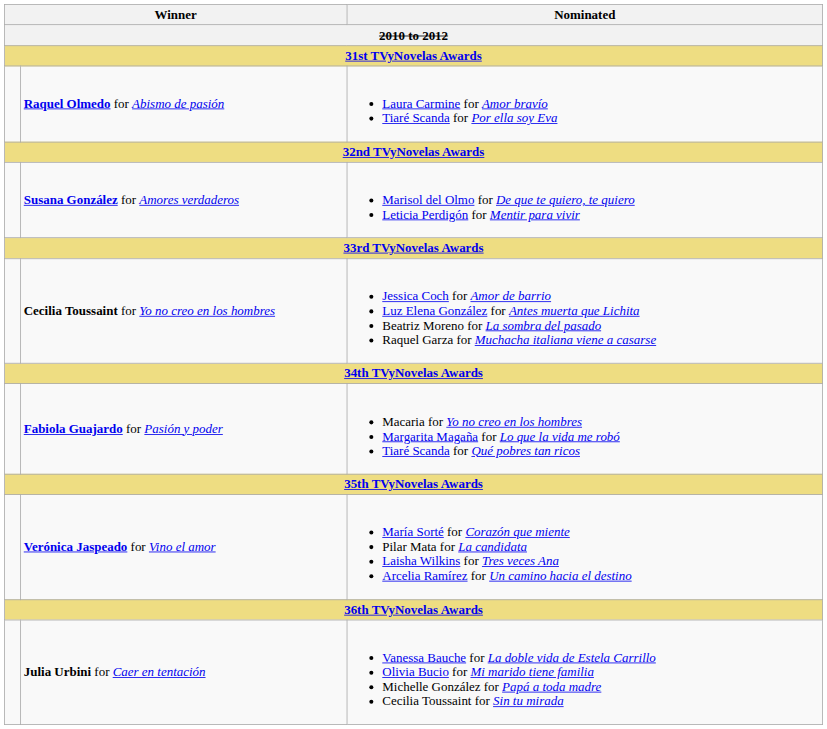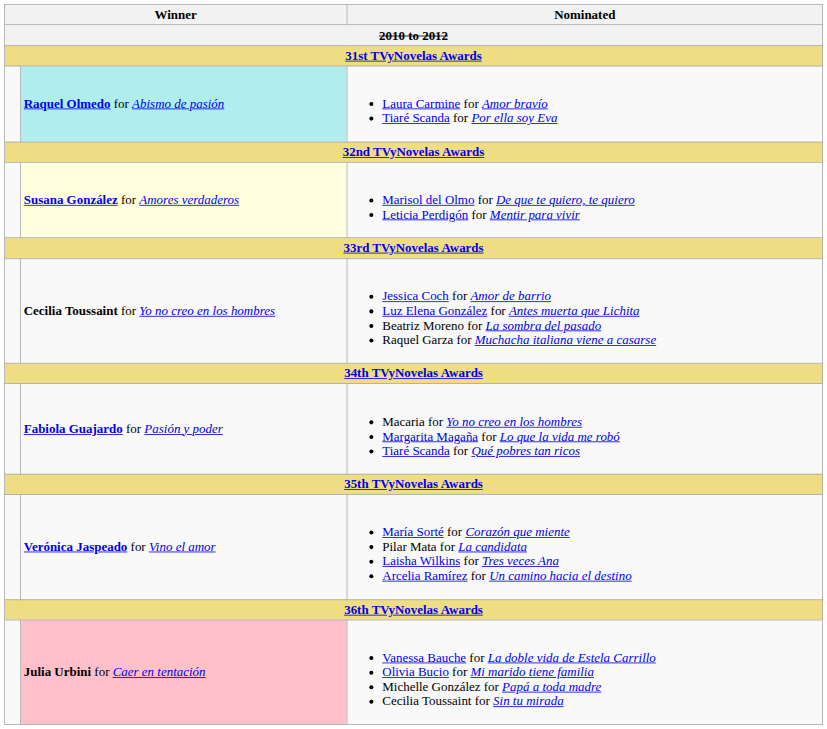 <table class="wikitable" width=80%>
 <tr align=center>
 <th width="150px;" colspan=2; align="center">Winner</th>
 <th width="580px;" align="center">Nominated</th>
 </tr>
 <tr>
 <th colspan=9 align="center"><s>2010 to 2012</s></th>
 </tr>
 <tr>
 <th colspan=9 style="background:#EEDD82;"  align="center"><strong><a href='#'>31st TVyNovelas Awards</a></strong></th>
 </tr>
 <tr>
 <td width=2%></td>
-<td><strong><a href='#'>Raquel Olmedo</a></strong> for <em><a href='#'>Abismo de pasión</a></em></td>
+<td style="background: paleturquoise;"><strong><a href='#'>Raquel Olmedo</a></strong> for <em><a href='#'>Abismo de pasión</a></em></td>
 <td><br><ul><li><a href='#'>Laura Carmine</a> for <em><a href='#'>Amor bravío</a></em></li><li><a href='#'>Tiaré Scanda</a> for <em><a href='#'>Por ella soy Eva</a></em></li></ul></td>
 </tr>
 <tr>
 <th colspan=9 style="background:#EEDD82;"  align="center"><strong><a href='#'>32nd TVyNovelas Awards</a></strong></th>
 </tr>
 <tr>
 <td width=2%></td>
-<td><strong><a href='#'>Susana González</a></strong> for <em><a href='#'>Amores verdaderos</a></em></td>
+<td style="background: lightyellow;"><strong><a href='#'>Susana González</a></strong> for <em><a href='#'>Amores verdaderos</a></em></td>
 <td><br><ul><li><a href='#'>Marisol del Olmo</a> for <em><a href='#'>De que te quiero, te quiero</a></em></li><li><a href='#'>Leticia Perdigón</a> for <em><a href='#'>Mentir para vivir</a></em></li></ul></td>
 </tr>
 <tr>
 <th colspan=9 style="background:#EEDD82;"  align="center"><strong><a href='#'>33rd TVyNovelas Awards</a></strong></th>
 </tr>
 <tr>
 <td width=2%></td>
 <td><strong>Cecilia Toussaint</strong> for <em><a href='#'>Yo no creo en los hombres</a></em></td>
 <td><br><ul><li><a href='#'>Jessica Coch</a> for <em><a href='#'>Amor de barrio</a></em></li><li><a href='#'>Luz Elena González</a> for <em><a href='#'>Antes muerta que Lichita</a></em></li><li>Beatriz Moreno for <em><a href='#'>La sombra del pasado</a></em></li><li>Raquel Garza for <em><a href='#'>Muchacha italiana viene a casarse</a></em></li></ul></td>
 </tr>
 <tr>
 <th colspan=9 style="background:#EEDD82;"  align="center"><strong><a href='#'>34th TVyNovelas Awards</a></strong></th>
 </tr>
 <tr>
 <td width=2%></td>
 <td><strong><a href='#'>Fabiola Guajardo</a></strong> for <em><a href='#'>Pasión y poder</a></em></td>
 <td><br><ul><li>Macaria for <em><a href='#'>Yo no creo en los hombres</a></em></li><li><a href='#'>Margarita Magaña</a> for <em><a href='#'>Lo que la vida me robó</a></em></li><li><a href='#'>Tiaré Scanda</a> for <em><a href='#'>Qué pobres tan ricos</a></em></li></ul></td>
 </tr>
 <tr>
 <th colspan=9 style="background:#EEDD82;"  align="center"><strong><a href='#'>35th TVyNovelas Awards</a></strong></th>
 </tr>
 <tr>
 <td width=2%></td>
 <td><strong><a href='#'>Verónica Jaspeado</a></strong> for <em><a href='#'>Vino el amor</a></em></td>
 <td><br><ul><li><a href='#'>María Sorté</a> for <em><a href='#'>Corazón que miente</a></em></li><li>Pilar Mata for <em><a href='#'>La candidata</a></em></li><li><a href='#'>Laisha Wilkins</a> for <em><a href='#'>Tres veces Ana</a></em></li><li><a href='#'>Arcelia Ramírez</a> for <em><a href='#'>Un camino hacia el destino</a></em></li></ul></td>
 </tr>
 <tr>
 <th colspan=9 style="background:#EEDD82;"  align="center"><strong><a href='#'>36th TVyNovelas Awards</a></strong></th>
 </tr>
 <tr>
 <td width=2%></td>
-<td><strong>Julia Urbini</strong> for <em><a href='#'>Caer en tentación</a></em></td>
+<td style="background: pink;"><strong>Julia Urbini</strong> for <em><a href='#'>Caer en tentación</a></em></td>
 <td><br><ul><li><a href='#'>Vanessa Bauche</a> for <em><a href='#'>La doble vida de Estela Carrillo</a></em></li><li><a href='#'>Olivia Bucio</a> for <em><a href='#'>Mi marido tiene familia</a></em></li><li>Michelle González for <em><a href='#'>Papá a toda madre</a></em></li><li>Cecilia Toussaint for <em><a href='#'>Sin tu mirada</a></em></li></ul></td>
 </tr>
 </table>
